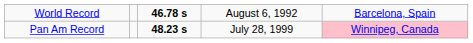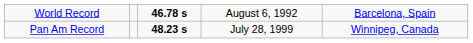 <table class="wikitable" style=" text-align:center; font-size:95%;" width="75%">
 <tr>
 <td><a href='#'>World Record</a></td>
 <td></td>
 <td><strong>46.78 s </strong></td>
 <td>August 6, 1992</td>
 <td> <a href='#'>Barcelona, Spain</a></td>
 </tr>
 <tr>
 <td><a href='#'>Pan Am Record</a></td>
 <td></td>
 <td><strong>48.23 s </strong></td>
 <td>July 28, 1999</td>
-<td style="background: pink;"> <a href='#'>Winnipeg, Canada</a></td>
+<td> <a href='#'>Winnipeg, Canada</a></td>
 </tr>
 </table>
